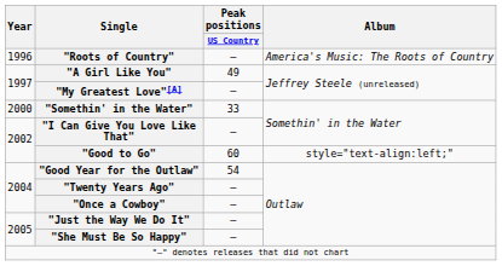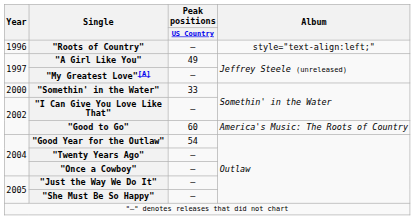 <table class="wikitable plainrowheaders" style="text-align:center;">
 <tr>
 <th rowspan="2">Year</th>
 <th rowspan="2" style="width:16em;">Single</th>
 <th>Peak positions</th>
 <th rowspan="2">Album</th>
 </tr>
 <tr style="font-size:smaller;">
 <th style="width:60px;"><a href='#'>US Country</a></th>
 </tr>
 <tr>
 <td>1996</td>
 <th scope="row">"Roots of Country"</th>
 <td>—</td>
-<td align="left"><em>America's Music: The Roots of Country</em></td>
+<td>style="text-align:left;" </td>
 </tr>
 <tr>
 <td rowspan="2">1997</td>
 <th scope="row">"A Girl Like You"</th>
 <td>49</td>
 <td style="text-align:left;" rowspan="2"><em>Jeffrey Steele</em> <small>(unreleased)</small></td>
 </tr>
 <tr>
 <th scope="row">"My Greatest Love"<sup><span></span><a href='#'><strong>[A]</strong></a></sup></th>
 <td>—</td>
 </tr>
 <tr>
 <td>2000</td>
 <th scope="row">"Somethin' in the Water"</th>
 <td>33</td>
 <td style="text-align:left;" rowspan="2"><em>Somethin' in the Water</em></td>
 </tr>
 <tr>
 <td rowspan="2">2002</td>
 <th scope="row">"I Can Give You Love Like That"</th>
 <td>—</td>
 </tr>
 <tr>
 <th scope="row">"Good to Go"</th>
 <td>60</td>
-<td>style="text-align:left;" </td>
+<td align="left"><em>America's Music: The Roots of Country</em></td>
 </tr>
 <tr>
 <td rowspan="3">2004</td>
 <th scope="row">"Good Year for the Outlaw"</th>
 <td>54</td>
 <td style="text-align:left;" rowspan="5"><em>Outlaw</em></td>
 </tr>
 <tr>
 <th scope="row">"Twenty Years Ago"</th>
 <td>—</td>
 </tr>
 <tr>
 <th scope="row">"Once a Cowboy"</th>
 <td>—</td>
 </tr>
 <tr>
 <td rowspan="2">2005</td>
 <th scope="row">"Just the Way We Do It"</th>
 <td>—</td>
 </tr>
 <tr>
 <th scope="row">"She Must Be So Happy"</th>
 <td>—</td>
 </tr>
 <tr>
 <td colspan="4" style="font-size:8pt">"—" denotes releases that did not chart</td>
 </tr>
 </table>
